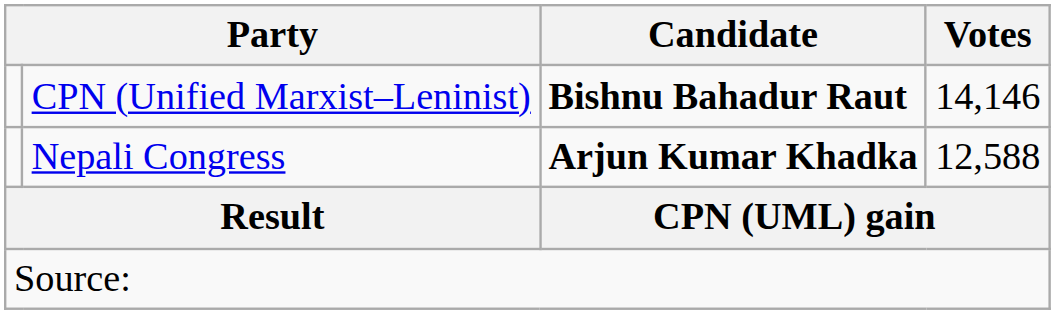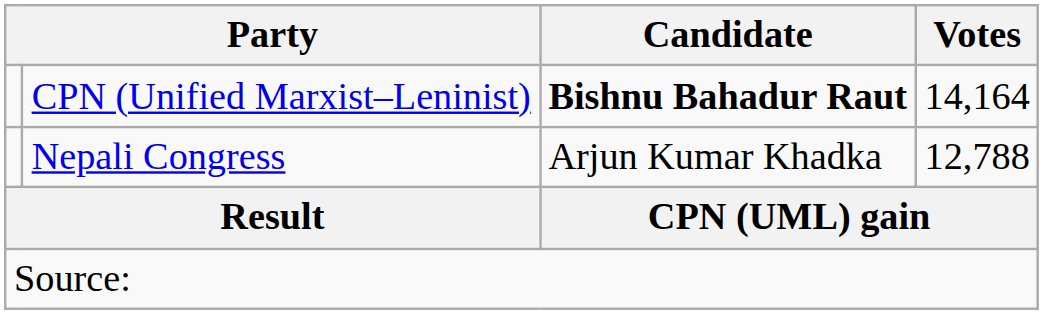 <table class="wikitable">
 <tr>
 <th colspan="2">Party</th>
 <th>Candidate</th>
 <th>Votes</th>
 </tr>
 <tr>
 <td style="background-color:"></td>
 <td><a href='#'>CPN (Unified Marxist–Leninist)</a></td>
 <td><strong>Bishnu Bahadur Raut</strong></td>
-<td>14,146</td>
+<td>14,164</td>
 </tr>
 <tr>
 <td style="background-color:"></td>
 <td><a href='#'>Nepali Congress</a></td>
-<td><strong>Arjun Kumar Khadka</strong></td>
-<td>12,588</td>
+<td>Arjun Kumar Khadka</td>
+<td>12,788</td>
 </tr>
 <tr>
 <th colspan="2">Result</th>
 <th colspan="2">CPN (UML) gain</th>
 </tr>
 <tr>
 <td colspan="4">Source: </td>
 </tr>
 </table>
